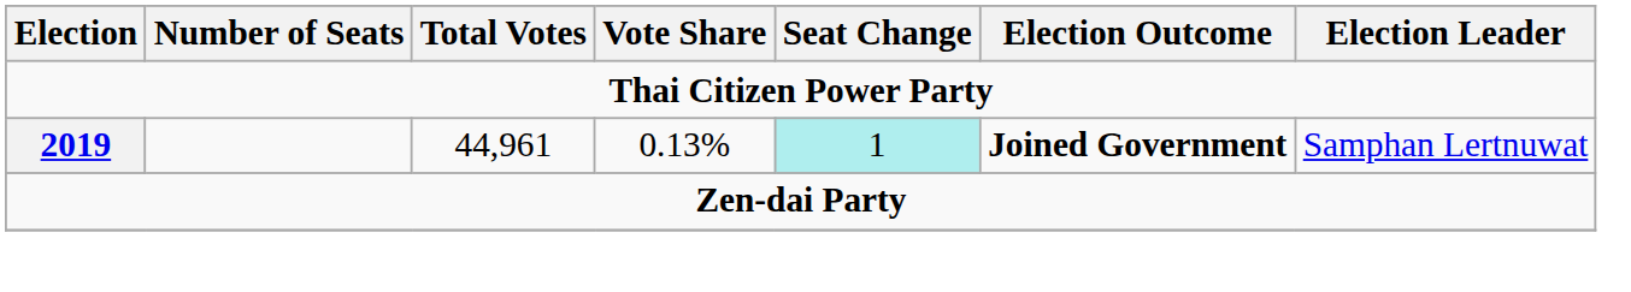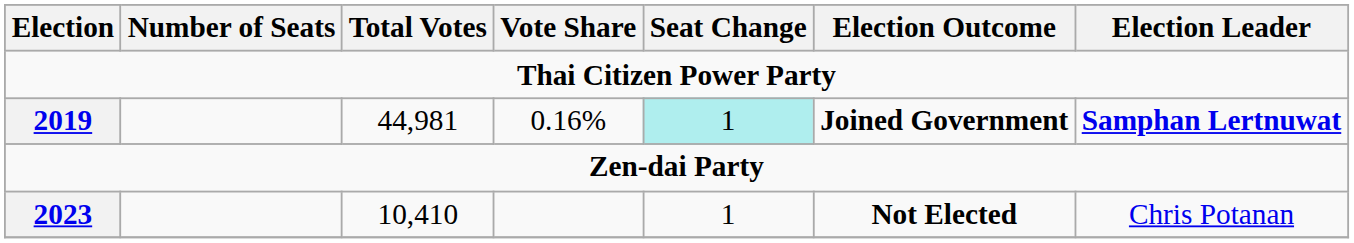 <table class="wikitable" style="font-size:100%; text-align:center;">
 <tr>
 <th>Election</th>
 <th>Number of Seats</th>
 <th>Total Votes</th>
 <th>Vote Share</th>
 <th>Seat Change</th>
 <th>Election Outcome</th>
 <th>Election Leader</th>
 </tr>
 <tr>
 <td colspan = "7"><strong>Thai Citizen Power Party</strong></td>
 </tr>
 <tr>
 <th><a href='#'>2019</a></th>
 <td></td>
-<td>44,961</td>
-<td>0.13%</td>
+<td>44,981</td>
+<td>0.16%</td>
 <td style="background: paleturquoise;"> 1</td>
 <td><strong>Joined Government</strong></td>
-<td rowspan = "1" align =><a href='#'>Samphan Lertnuwat</a></td>
+<td rowspan = "1" align =><strong><a href='#'>Samphan Lertnuwat</a></strong></td>
 </tr>
 <tr>
 <td colspan = "7"><strong>Zen-dai Party</strong></td>
 </tr>
 <tr>
+<th><a href='#'>2023</a></th>
+<td></td>
+<td>10,410</td>
+<td></td>
+<td> 1</td>
+<td><strong>Not Elected</strong></td>
+<td rowspan = "1" align =><a href='#'>Chris Potanan</a></td>
+</tr>
+<tr>
 </tr>
 </table>
